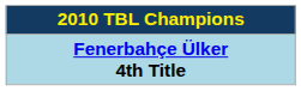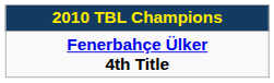 <table class="wikitable" style="margin: 0 auto; width: 20%;">
 <tr>
 <th style="background:#133A61 ; color:#FFED00">2010 TBL Champions</th>
 </tr>
 <tr>
-<td align=center style="background: lightblue;"><strong><a href='#'>Fenerbahçe Ülker</a></strong><br><strong>4th Title</strong> <br></td>
+<td align=center><strong><a href='#'>Fenerbahçe Ülker</a></strong><br><strong>4th Title</strong> <br></td>
 </tr>
 </table>
